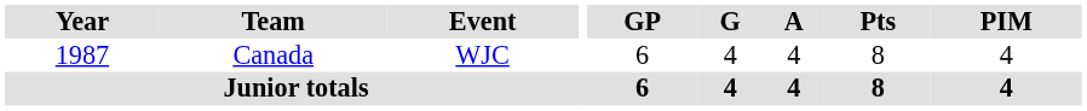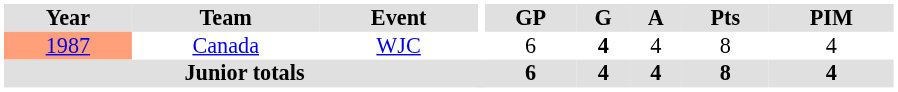 <table border="0" cellpadding="1" cellspacing="0" ID="Table3" style="text-align:center; width:40em">
 <tr bgcolor="#e0e0e0">
 <th>Year</th>
 <th>Team</th>
 <th>Event</th>
 <th rowspan="102" bgcolor="#ffffff"></th>
 <th>GP</th>
 <th>G</th>
 <th>A</th>
 <th>Pts</th>
 <th>PIM</th>
 </tr>
 <tr>
-<td><a href='#'>1987</a></td>
+<td style="background: lightsalmon;"><a href='#'>1987</a></td>
 <td><a href='#'>Canada</a></td>
 <td><a href='#'>WJC</a></td>
 <td>6</td>
-<td>4</td>
+<td><strong>4</strong></td>
 <td>4</td>
 <td>8</td>
 <td>4</td>
 </tr>
 <tr bgcolor="#e0e0e0">
 <th colspan="4">Junior totals</th>
 <th>6</th>
 <th>4</th>
 <th>4</th>
 <th>8</th>
 <th>4</th>
 </tr>
 </table>
